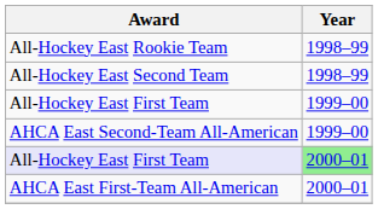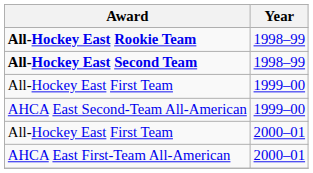 <table class="wikitable">
 <tr>
 <th>Award</th>
 <th>Year</th>
 </tr>
 <tr>
-<td>All-<a href='#'>Hockey East</a> <a href='#'>Rookie Team</a></td>
+<td><strong>All-<a href='#'>Hockey East</a> <a href='#'>Rookie Team</a></strong></td>
 <td><a href='#'>1998–99</a></td>
 </tr>
 <tr>
-<td>All-<a href='#'>Hockey East</a> <a href='#'>Second Team</a></td>
+<td><strong>All-<a href='#'>Hockey East</a> <a href='#'>Second Team</a></strong></td>
 <td><a href='#'>1998–99</a></td>
 </tr>
 <tr>
 <td>All-<a href='#'>Hockey East</a> <a href='#'>First Team</a></td>
 <td><a href='#'>1999–00</a></td>
 </tr>
 <tr>
 <td><a href='#'>AHCA</a> <a href='#'>East Second-Team All-American</a></td>
 <td><a href='#'>1999–00</a></td>
 </tr>
 <tr>
-<td style="background: lavender;">All-<a href='#'>Hockey East</a> <a href='#'>First Team</a></td>
-<td style="background: lightgreen;"><a href='#'>2000–01</a></td>
+<td>All-<a href='#'>Hockey East</a> <a href='#'>First Team</a></td>
+<td><a href='#'>2000–01</a></td>
 </tr>
 <tr>
 <td><a href='#'>AHCA</a> <a href='#'>East First-Team All-American</a></td>
 <td><a href='#'>2000–01</a></td>
 </tr>
 <tr>
 </tr>
 </table>
